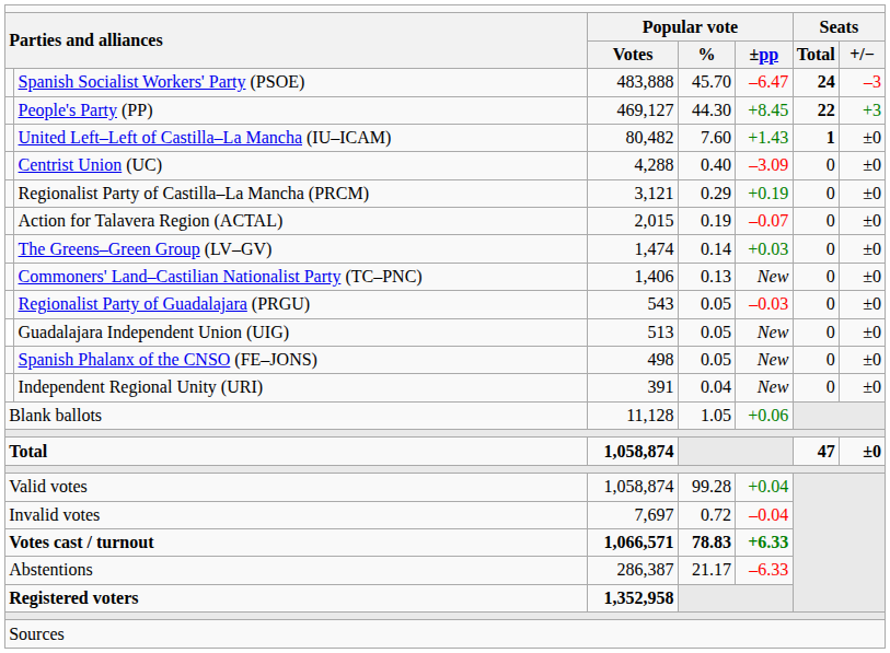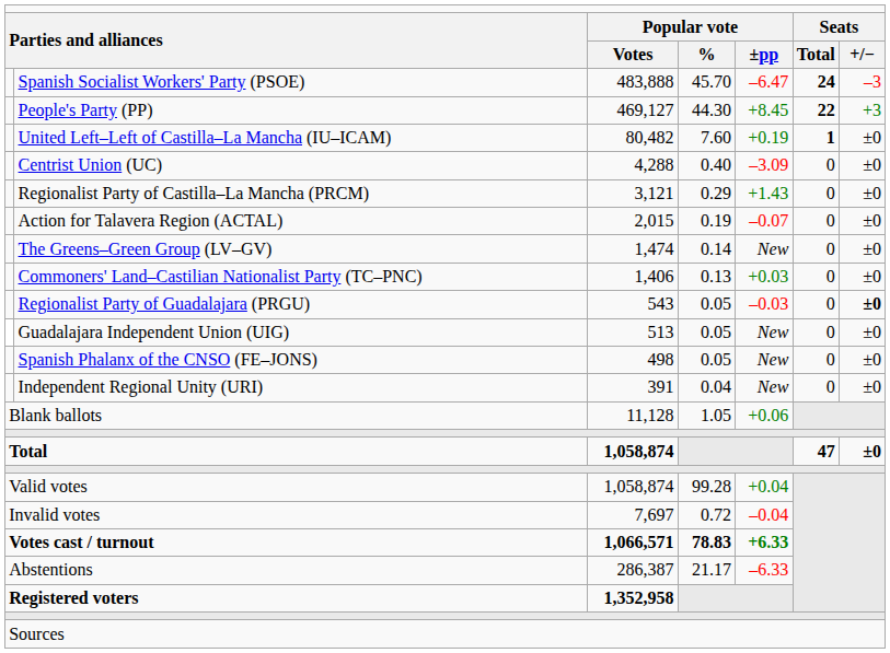 <table class="wikitable" style="text-align:right;">
 <tr>
 <td colspan="7"></td>
 </tr>
 <tr>
 <th style="text-align:left;" rowspan="2" colspan="2" width="525">Parties and alliances</th>
 <th colspan="3">Popular vote</th>
 <th colspan="2">Seats</th>
 </tr>
 <tr>
 <th width="75">Votes</th>
 <th width="45">%</th>
 <th width="45">±<a href='#'>pp</a></th>
 <th width="35">Total</th>
 <th width="35">+/−</th>
 </tr>
 <tr>
 <td width="1" style="color:inherit;background:"></td>
 <td align="left"><a href='#'>Spanish Socialist Workers' Party</a> (PSOE)</td>
 <td>483,888</td>
 <td>45.70</td>
 <td style="color:red;">–6.47</td>
 <td><strong>24</strong></td>
 <td style="color:red;">–3</td>
 </tr>
 <tr>
 <td style="color:inherit;background:"></td>
 <td align="left"><a href='#'>People's Party</a> (PP)</td>
 <td>469,127</td>
 <td>44.30</td>
 <td style="color:green;">+8.45</td>
 <td><strong>22</strong></td>
 <td style="color:green;">+3</td>
 </tr>
 <tr>
 <td style="color:inherit;background:"></td>
 <td align="left"><a href='#'>United Left–Left of Castilla–La Mancha</a> (IU–ICAM)</td>
 <td>80,482</td>
 <td>7.60</td>
-<td style="color:green;">+1.43</td>
+<td style="color:green;">+0.19</td>
 <td><strong>1</strong></td>
 <td>±0</td>
 </tr>
 <tr>
 <td style="color:inherit;background:"></td>
 <td align="left"><a href='#'>Centrist Union</a> (UC)</td>
 <td>4,288</td>
 <td>0.40</td>
 <td style="color:red;">–3.09</td>
 <td>0</td>
 <td>±0</td>
 </tr>
 <tr>
 <td style="color:inherit;background:"></td>
 <td align="left">Regionalist Party of Castilla–La Mancha (PRCM)</td>
 <td>3,121</td>
 <td>0.29</td>
-<td style="color:green;">+0.19</td>
+<td style="color:green;">+1.43</td>
 <td>0</td>
 <td>±0</td>
 </tr>
 <tr>
 <td style="color:inherit;background:"></td>
 <td align="left">Action for Talavera Region (ACTAL)</td>
 <td>2,015</td>
 <td>0.19</td>
 <td style="color:red;">–0.07</td>
 <td>0</td>
 <td>±0</td>
 </tr>
 <tr>
 <td style="color:inherit;background:"></td>
 <td align="left"><a href='#'>The Greens–Green Group</a> (LV–GV)</td>
 <td>1,474</td>
 <td>0.14</td>
-<td style="color:green;">+0.03</td>
+<td><em>New</em></td>
 <td>0</td>
 <td>±0</td>
 </tr>
 <tr>
 <td style="color:inherit;background:"></td>
 <td align="left"><a href='#'>Commoners' Land–Castilian Nationalist Party</a> (TC–PNC)</td>
 <td>1,406</td>
 <td>0.13</td>
-<td><em>New</em></td>
+<td style="color:green;">+0.03</td>
 <td>0</td>
 <td>±0</td>
 </tr>
 <tr>
 <td style="color:inherit;background:"></td>
 <td align="left"><a href='#'>Regionalist Party of Guadalajara</a> (PRGU)</td>
 <td>543</td>
 <td>0.05</td>
 <td style="color:red;">–0.03</td>
 <td>0</td>
-<td>±0</td>
+<td><strong>±0</strong></td>
 </tr>
 <tr>
 <td bgcolor="white"></td>
 <td align="left">Guadalajara Independent Union (UIG)</td>
 <td>513</td>
 <td>0.05</td>
 <td><em>New</em></td>
 <td>0</td>
 <td>±0</td>
 </tr>
 <tr>
 <td style="color:inherit;background:"></td>
 <td align="left"><a href='#'>Spanish Phalanx of the CNSO</a> (FE–JONS)</td>
 <td>498</td>
 <td>0.05</td>
 <td><em>New</em></td>
 <td>0</td>
 <td>±0</td>
 </tr>
 <tr>
 <td style="color:inherit;background:"></td>
 <td align="left">Independent Regional Unity (URI)</td>
 <td>391</td>
 <td>0.04</td>
 <td><em>New</em></td>
 <td>0</td>
 <td>±0</td>
 </tr>
 <tr>
 <td align="left" colspan="2">Blank ballots</td>
 <td>11,128</td>
 <td>1.05</td>
 <td style="color:green;">+0.06</td>
 <td bgcolor="#E9E9E9" colspan="2"></td>
 </tr>
 <tr>
 <td colspan="7" bgcolor="#E9E9E9"></td>
 </tr>
 <tr style="font-weight:bold;">
 <td align="left" colspan="2">Total</td>
 <td>1,058,874</td>
 <td bgcolor="#E9E9E9" colspan="2"></td>
 <td>47</td>
 <td>±0</td>
 </tr>
 <tr>
 <td colspan="7" bgcolor="#E9E9E9"></td>
 </tr>
 <tr>
 <td align="left" colspan="2">Valid votes</td>
 <td>1,058,874</td>
 <td>99.28</td>
 <td style="color:green;">+0.04</td>
 <td bgcolor="#E9E9E9" colspan="2" rowspan="5"></td>
 </tr>
 <tr>
 <td align="left" colspan="2">Invalid votes</td>
 <td>7,697</td>
 <td>0.72</td>
 <td style="color:red;">–0.04</td>
 </tr>
 <tr style="font-weight:bold;">
 <td align="left" colspan="2">Votes cast / turnout</td>
 <td>1,066,571</td>
 <td>78.83</td>
 <td style="color:green;">+6.33</td>
 </tr>
 <tr>
 <td align="left" colspan="2">Abstentions</td>
 <td>286,387</td>
 <td>21.17</td>
 <td style="color:red;">–6.33</td>
 </tr>
 <tr style="font-weight:bold;">
 <td align="left" colspan="2">Registered voters</td>
 <td>1,352,958</td>
 <td bgcolor="#E9E9E9" colspan="2"></td>
 </tr>
 <tr>
 <td colspan="7" bgcolor="#E9E9E9"></td>
 </tr>
 <tr>
 <td align="left" colspan="7">Sources</td>
 </tr>
 </table>
